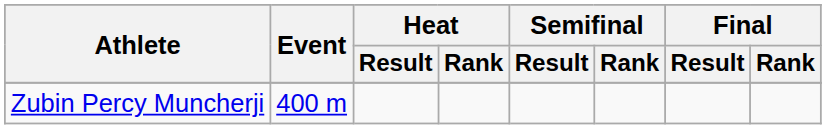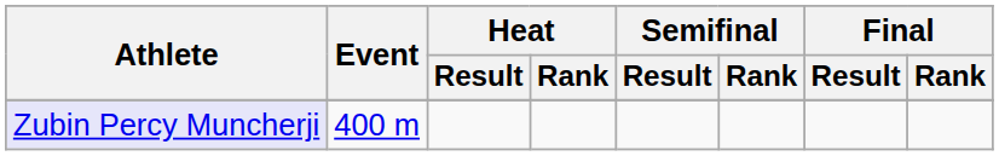 <table class="wikitable" style="font-size:90%">
 <tr>
 <th rowspan="2">Athlete</th>
 <th rowspan="2">Event</th>
 <th colspan="2">Heat</th>
 <th colspan="2">Semifinal</th>
 <th colspan="2">Final</th>
 </tr>
 <tr style="font-size:95%">
 <th>Result</th>
 <th>Rank</th>
 <th>Result</th>
 <th>Rank</th>
 <th>Result</th>
 <th>Rank</th>
 </tr>
 <tr align=center>
 </tr>
 <tr align=center>
-<td align=left><a href='#'>Zubin Percy Muncherji</a></td>
+<td align=left style="background: lavender;"><a href='#'>Zubin Percy Muncherji</a></td>
 <td align=left rowspan=2><a href='#'>400 m</a></td>
 <td></td>
 <td></td>
 <td></td>
 <td></td>
 <td></td>
 <td></td>
 </tr>
 </table>
